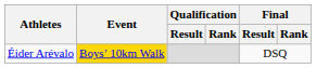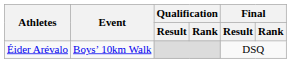 <table class="wikitable" border="1" style="font-size:90%">
 <tr>
 <th rowspan=2>Athletes</th>
 <th rowspan=2>Event</th>
 <th colspan=2>Qualification</th>
 <th colspan=2>Final</th>
 </tr>
 <tr>
 <th>Result</th>
 <th>Rank</th>
 <th>Result</th>
 <th>Rank</th>
 </tr>
 <tr>
 <td><a href='#'>Éider Arévalo</a></td>
-<td style="background: gold;"><a href='#'>Boys’ 10km Walk</a></td>
+<td><a href='#'>Boys’ 10km Walk</a></td>
 <td colspan=2 bgcolor=#DCDCDC></td>
 <td align=center colspan=2>DSQ</td>
 </tr>
 </table>
